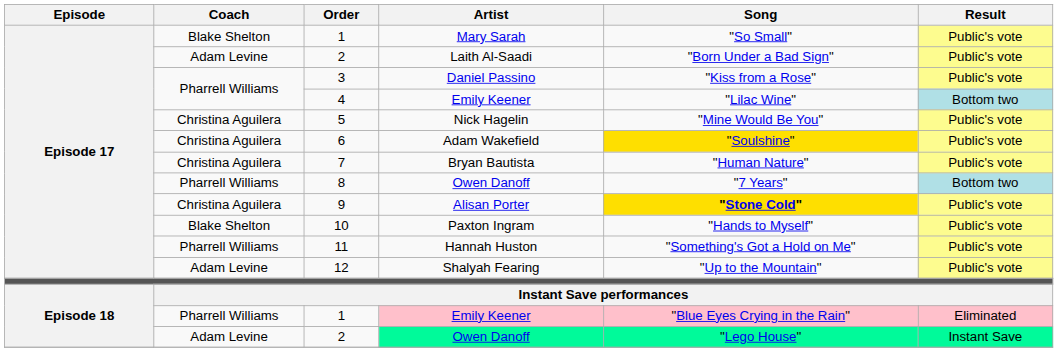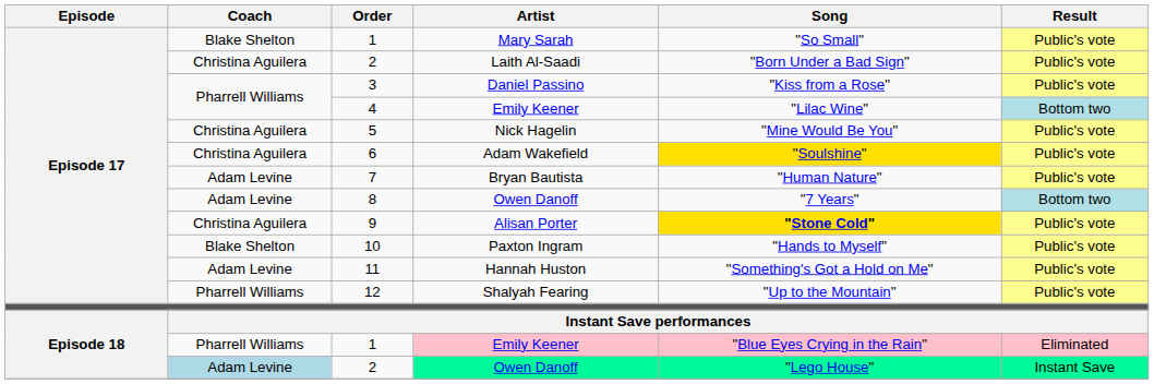 <table class="wikitable" style="text-align:center; width:100%;">
 <tr>
 <th style="width:10%;">Episode</th>
 <th style="width:10%;">Coach</th>
 <th style="width:05%;">Order</th>
 <th style="width:15%;">Artist</th>
 <th style="width:21%;">Song</th>
 <th style="width:9%;">Result</th>
 </tr>
 <tr>
 <th rowspan="12" scope="row">Episode 17<br><small></small></th>
 <td>Blake Shelton</td>
 <td>1</td>
 <td><a href='#'>Mary Sarah</a></td>
 <td>"<a href='#'>So Small</a>"</td>
 <td style="background:#fdfc8f;">Public's vote</td>
 </tr>
 <tr>
-<td>Adam Levine</td>
+<td>Christina Aguilera</td>
 <td>2</td>
 <td>Laith Al-Saadi</td>
 <td>"<a href='#'>Born Under a Bad Sign</a>"</td>
 <td style="background:#fdfc8f;">Public's vote</td>
 </tr>
 <tr>
 <td rowspan=2>Pharrell Williams</td>
 <td>3</td>
 <td><a href='#'>Daniel Passino</a></td>
 <td>"<a href='#'>Kiss from a Rose</a>"</td>
 <td style="background:#fdfc8f;">Public's vote</td>
 </tr>
 <tr>
 <td>4</td>
 <td><a href='#'>Emily Keener</a></td>
 <td>"<a href='#'>Lilac Wine</a>"</td>
 <td style="background:#B0E0E6;">Bottom two</td>
 </tr>
 <tr>
 <td>Christina Aguilera</td>
 <td>5</td>
 <td>Nick Hagelin</td>
 <td>"<a href='#'>Mine Would Be You</a>"</td>
 <td style="background:#fdfc8f;">Public's vote</td>
 </tr>
 <tr>
 <td>Christina Aguilera</td>
 <td>6</td>
 <td>Adam Wakefield</td>
 <td style="background:#fedf00;">"<a href='#'>Soulshine</a>"</td>
 <td style="background:#fdfc8f;">Public's vote</td>
 </tr>
 <tr>
-<td>Christina Aguilera</td>
+<td>Adam Levine</td>
 <td>7</td>
 <td>Bryan Bautista</td>
 <td>"<a href='#'>Human Nature</a>"</td>
 <td style="background:#fdfc8f;">Public's vote</td>
 </tr>
 <tr>
-<td>Pharrell Williams</td>
+<td>Adam Levine</td>
 <td>8</td>
 <td><a href='#'>Owen Danoff</a></td>
 <td>"<a href='#'>7 Years</a>"</td>
 <td style="background:#B0E0E6;">Bottom two</td>
 </tr>
 <tr>
 <td>Christina Aguilera</td>
 <td>9</td>
 <td><a href='#'>Alisan Porter</a></td>
 <td style="background:#fedf00;"><strong>"<a href='#'>Stone Cold</a>"</strong></td>
 <td style="background:#fdfc8f;">Public's vote</td>
 </tr>
 <tr>
 <td>Blake Shelton</td>
 <td>10</td>
 <td>Paxton Ingram</td>
 <td>"<a href='#'>Hands to Myself</a>"</td>
 <td style="background:#fdfc8f;">Public's vote</td>
 </tr>
 <tr>
-<td>Pharrell Williams</td>
+<td>Adam Levine</td>
 <td>11</td>
 <td>Hannah Huston</td>
 <td>"<a href='#'>Something's Got a Hold on Me</a>"</td>
 <td style="background:#fdfc8f;">Public's vote</td>
 </tr>
 <tr>
-<td>Adam Levine</td>
+<td>Pharrell Williams</td>
 <td>12</td>
 <td>Shalyah Fearing</td>
 <td>"<a href='#'>Up to the Mountain</a>"</td>
 <td style="background:#fdfc8f;">Public's vote</td>
 </tr>
 <tr>
 </tr>
 <tr>
 <td colspan="6" style="background:#555;"></td>
 </tr>
 <tr>
 <th rowspan="4" scope="row">Episode 18<br><small></small></th>
 </tr>
 <tr>
 <th colspan="5">Instant Save performances</th>
 </tr>
 <tr>
 <td>Pharrell Williams</td>
 <td>1</td>
 <td style="background:Pink;"><a href='#'>Emily Keener</a></td>
 <td style="background:Pink;">"<a href='#'>Blue Eyes Crying in the Rain</a>"</td>
 <td style="background:Pink;">Eliminated</td>
 </tr>
 <tr>
-<td>Adam Levine</td>
+<td style="background: lightblue;">Adam Levine</td>
 <td>2</td>
 <td style="background:#00FA9A;"><a href='#'>Owen Danoff</a></td>
 <td style="background:#00FA9A;">"<a href='#'>Lego House</a>"</td>
 <td style="background:#00FA9A;">Instant Save</td>
 </tr>
 <tr>
 </tr>
 </table>
